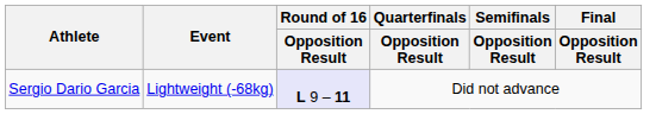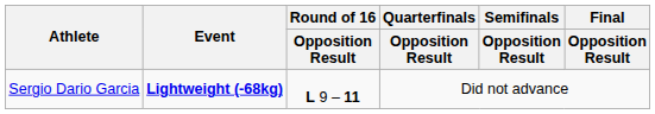 <table class="wikitable" style="font-size:90%">
 <tr>
 <th rowspan=2>Athlete</th>
 <th rowspan=2>Event</th>
 <th>Round of 16</th>
 <th>Quarterfinals</th>
 <th>Semifinals</th>
 <th>Final</th>
 </tr>
 <tr>
 <th>Opposition<br>Result</th>
 <th>Opposition<br>Result</th>
 <th>Opposition<br>Result</th>
 <th>Opposition<br>Result</th>
 </tr>
 <tr>
 <td><a href='#'>Sergio Dario Garcia</a></td>
-<td><a href='#'>Lightweight (-68kg)</a></td>
-<td align=center style="background: lavender;"><br><strong>L</strong> 9 – <strong>11</strong></td>
+<td><strong><a href='#'>Lightweight (-68kg)</a></strong></td>
+<td align=center><br><strong>L</strong> 9 – <strong>11</strong></td>
 <td align=center colspan="7">Did not advance</td>
 </tr>
 </table>
